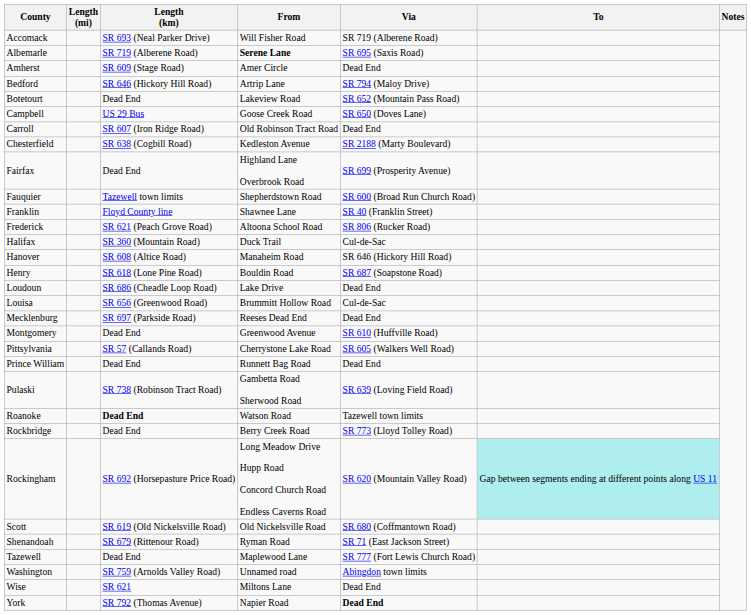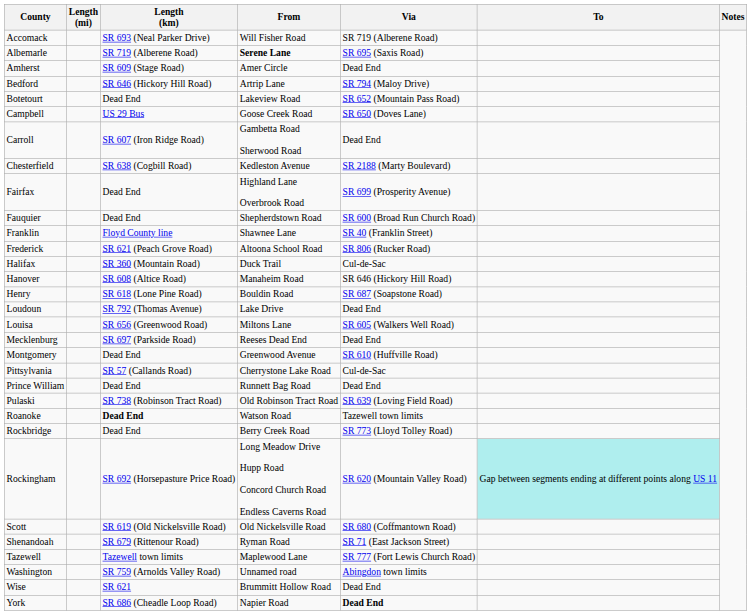 <table class="wikitable sortable">
 <tr>
 <th>County</th>
 <th>Length<br>(mi)</th>
 <th>Length<br>(km)</th>
 <th class="unsortable">From</th>
 <th class="unsortable">Via</th>
 <th class="unsortable">To</th>
 <th class="unsortable">Notes</th>
 </tr>
 <tr>
 <td id="Accomack">Accomack</td>
 <td></td>
 <td><a href='#'>SR 693</a> (Neal Parker Drive)</td>
 <td>Will Fisher Road</td>
 <td>SR 719 (Alberene Road)</td>
 <td></td>
 </tr>
 <tr>
 <td id="Albemarle">Albemarle</td>
 <td></td>
 <td><a href='#'>SR 719</a> (Alberene Road)</td>
 <td><strong>Serene Lane</strong></td>
 <td><a href='#'>SR 695</a> (Saxis Road)</td>
 <td><br> </td>
 </tr>
 <tr>
 <td id="Amherst">Amherst</td>
 <td></td>
 <td><a href='#'>SR 609</a> (Stage Road)</td>
 <td>Amer Circle</td>
 <td>Dead End</td>
 <td><br>   </td>
 </tr>
 <tr>
 <td id="Bedford">Bedford</td>
 <td></td>
 <td><a href='#'>SR 646</a> (Hickory Hill Road)</td>
 <td>Artrip Lane</td>
 <td><a href='#'>SR 794</a> (Maloy Drive)</td>
 <td><br></td>
 </tr>
 <tr>
 <td id="Botetourt">Botetourt</td>
 <td></td>
 <td>Dead End</td>
 <td>Lakeview Road</td>
 <td><a href='#'>SR 652</a> (Mountain Pass Road)</td>
 <td><br>  </td>
 </tr>
 <tr>
 <td id="Campbell">Campbell</td>
 <td></td>
 <td><a href='#'>US 29 Bus</a></td>
 <td>Goose Creek Road</td>
 <td><a href='#'>SR 650</a> (Doves Lane)</td>
 <td><br></td>
 </tr>
 <tr>
 <td id="Carroll">Carroll</td>
 <td></td>
 <td><a href='#'>SR 607</a> (Iron Ridge Road)</td>
-<td>Old Robinson Tract Road</td>
+<td>Gambetta Road<br><br>Sherwood Road</td>
 <td>Dead End</td>
 <td><br> </td>
 </tr>
 <tr>
 <td id="Chesterfield">Chesterfield</td>
 <td></td>
 <td><a href='#'>SR 638</a> (Cogbill Road)</td>
 <td>Kedleston Avenue</td>
 <td><a href='#'>SR 2188</a> (Marty Boulevard)</td>
 <td><br>      </td>
 </tr>
 <tr>
 <td id="Fairfax">Fairfax</td>
 <td></td>
 <td>Dead End</td>
 <td>Highland Lane<br><br>Overbrook Road</td>
 <td><a href='#'>SR 699</a> (Prosperity Avenue)</td>
 <td></td>
 </tr>
 <tr>
 <td id="Fauquier">Fauquier</td>
 <td></td>
-<td><a href='#'>Tazewell</a> town limits</td>
+<td>Dead End</td>
 <td>Shepherdstown Road</td>
 <td><a href='#'>SR 600</a> (Broad Run Church Road)</td>
 <td><br> </td>
 </tr>
 <tr>
 <td id="Franklin">Franklin</td>
 <td></td>
 <td><a href='#'>Floyd County line</a></td>
 <td>Shawnee Lane</td>
 <td><a href='#'>SR 40</a> (Franklin Street)</td>
 <td></td>
 </tr>
 <tr>
 <td id="Frederick">Frederick</td>
 <td></td>
 <td><a href='#'>SR 621</a> (Peach Grove Road)</td>
 <td>Altoona School Road</td>
 <td><a href='#'>SR 806</a> (Rucker Road)</td>
 <td><br>     </td>
 </tr>
 <tr>
 <td id="Halifax">Halifax</td>
 <td></td>
 <td><a href='#'>SR 360</a> (Mountain Road)</td>
 <td>Duck Trail</td>
 <td>Cul-de-Sac</td>
 <td></td>
 </tr>
 <tr>
 <td id="Hanover">Hanover</td>
 <td></td>
 <td><a href='#'>SR 608</a> (Altice Road)</td>
 <td>Manaheim Road</td>
 <td>SR 646 (Hickory Hill Road)</td>
 <td><br></td>
 </tr>
 <tr>
 <td id="Henry">Henry</td>
 <td></td>
 <td><a href='#'>SR 618</a> (Lone Pine Road)</td>
 <td>Bouldin Road</td>
 <td><a href='#'>SR 687</a> (Soapstone Road)</td>
 <td><br>       </td>
 </tr>
 <tr>
 <td id="Loudoun">Loudoun</td>
 <td></td>
-<td><a href='#'>SR 686</a> (Cheadle Loop Road)</td>
+<td><a href='#'>SR 792</a> (Thomas Avenue)</td>
 <td>Lake Drive</td>
 <td>Dead End</td>
 <td></td>
 </tr>
 <tr>
 <td id="Louisa">Louisa</td>
 <td></td>
 <td><a href='#'>SR 656</a> (Greenwood Road)</td>
-<td>Brummitt Hollow Road</td>
-<td>Cul-de-Sac</td>
+<td>Miltons Lane</td>
+<td><a href='#'>SR 605</a> (Walkers Well Road)</td>
 <td><br>  </td>
 </tr>
 <tr>
 <td id="Mecklenburg">Mecklenburg</td>
 <td></td>
 <td><a href='#'>SR 697</a> (Parkside Road)</td>
 <td>Reeses Dead End</td>
 <td>Dead End</td>
 <td><br></td>
 </tr>
 <tr>
 <td id="Montgomery">Montgomery</td>
 <td></td>
 <td>Dead End</td>
 <td>Greenwood Avenue</td>
 <td><a href='#'>SR 610</a> (Huffville Road)</td>
 <td><br>       </td>
 </tr>
 <tr>
 <td id="Pittsylvania">Pittsylvania</td>
 <td></td>
 <td><a href='#'>SR 57</a> (Callands Road)</td>
 <td>Cherrystone Lake Road</td>
-<td><a href='#'>SR 605</a> (Walkers Well Road)</td>
+<td>Cul-de-Sac</td>
 <td><br>  </td>
 </tr>
 <tr>
 <td id="Prince William">Prince William</td>
 <td></td>
 <td>Dead End</td>
 <td>Runnett Bag Road</td>
 <td>Dead End</td>
 <td></td>
 </tr>
 <tr>
 <td id="Pulaski">Pulaski</td>
 <td></td>
 <td><a href='#'>SR 738</a> (Robinson Tract Road)</td>
-<td>Gambetta Road<br><br>Sherwood Road</td>
+<td>Old Robinson Tract Road</td>
 <td><a href='#'>SR 639</a> (Loving Field Road)</td>
 <td><br> </td>
 </tr>
 <tr>
 <td id="Roanoke">Roanoke</td>
 <td></td>
 <td><strong>Dead End</strong></td>
 <td>Watson Road</td>
 <td>Tazewell town limits</td>
 <td></td>
 </tr>
 <tr>
 <td id="Rockbridge">Rockbridge</td>
 <td></td>
 <td>Dead End</td>
 <td>Berry Creek Road</td>
 <td><a href='#'>SR 773</a> (Lloyd Tolley Road)</td>
 <td></td>
 </tr>
 <tr>
 <td id="Rockingham">Rockingham</td>
 <td></td>
 <td><a href='#'>SR 692</a> (Horsepasture Price Road)</td>
 <td>Long Meadow Drive<br><br>Hupp Road<br><br>Concord Church Road<br><br>Endless Caverns Road</td>
 <td><a href='#'>SR 620</a> (Mountain Valley Road)</td>
 <td style="background: paleturquoise;">Gap between segments ending at different points along <a href='#'>US 11</a><br></td>
 </tr>
 <tr>
 <td id="Scott">Scott</td>
 <td></td>
 <td><a href='#'>SR 619</a> (Old Nickelsville Road)</td>
 <td>Old Nickelsville Road</td>
 <td><a href='#'>SR 680</a> (Coffmantown Road)</td>
 <td></td>
 </tr>
 <tr>
 <td id="Shenandoah">Shenandoah</td>
 <td></td>
 <td><a href='#'>SR 679</a> (Rittenour Road)</td>
 <td>Ryman Road</td>
 <td><a href='#'>SR 71</a> (East Jackson Street)</td>
 <td><br>     </td>
 </tr>
 <tr>
 <td id="Tazewell">Tazewell</td>
 <td></td>
-<td>Dead End</td>
+<td><a href='#'>Tazewell</a> town limits</td>
 <td>Maplewood Lane</td>
 <td><a href='#'>SR 777</a> (Fort Lewis Church Road)</td>
 <td><br></td>
 </tr>
 <tr>
 <td id="Washington">Washington</td>
 <td></td>
 <td><a href='#'>SR 759</a> (Arnolds Valley Road)</td>
 <td>Unnamed road</td>
 <td><a href='#'>Abingdon</a> town limits</td>
 <td><br></td>
 </tr>
 <tr>
 <td id="Wise">Wise</td>
 <td></td>
 <td><a href='#'>SR 621</a></td>
-<td>Miltons Lane</td>
+<td>Brummitt Hollow Road</td>
 <td>Dead End</td>
 <td><br></td>
 </tr>
 <tr>
 <td id="York">York</td>
 <td></td>
-<td><a href='#'>SR 792</a> (Thomas Avenue)</td>
+<td><a href='#'>SR 686</a> (Cheadle Loop Road)</td>
 <td>Napier Road</td>
 <td><strong>Dead End</strong></td>
 <td></td>
 </tr>
 </table>
